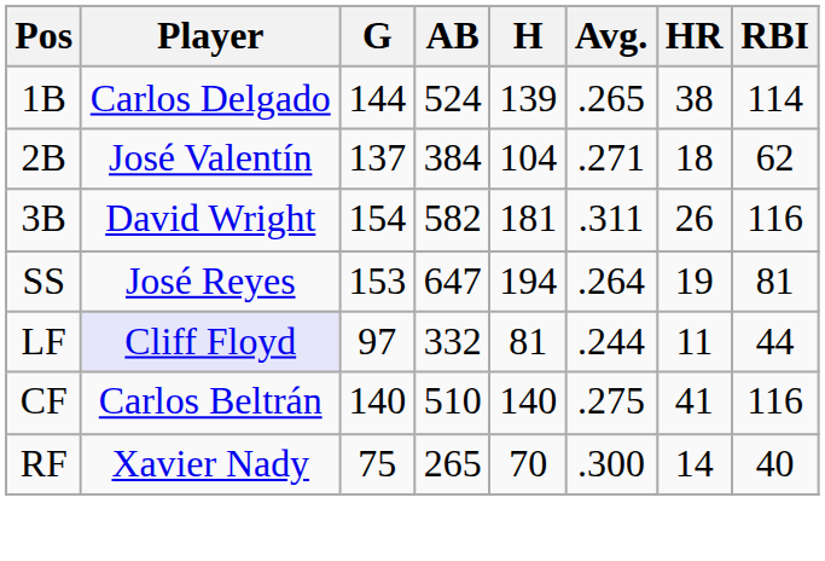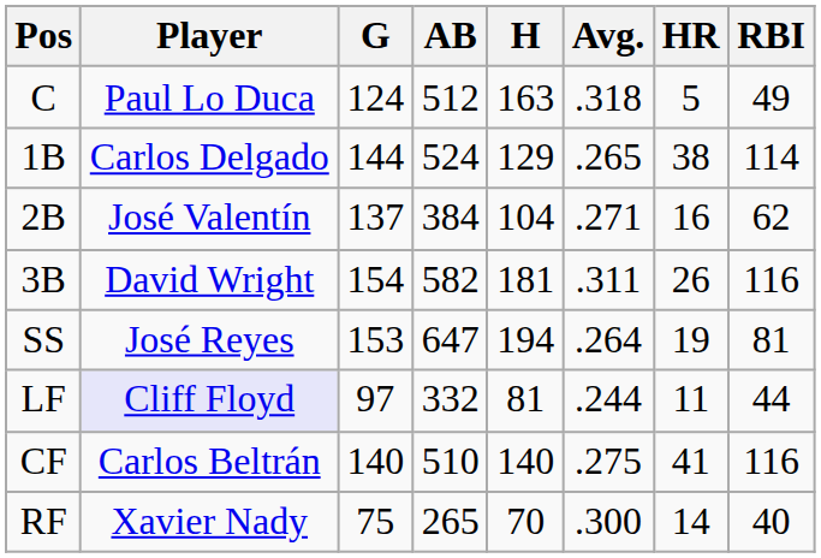 <table class="wikitable sortable">
 <tr>
 <th>Pos</th>
 <th>Player</th>
 <th>G</th>
 <th>AB</th>
 <th>H</th>
 <th>Avg.</th>
 <th>HR</th>
 <th>RBI</th>
 </tr>
 <tr align="center">
+<td>C</td>
+<td><a href='#'>Paul Lo Duca</a></td>
+<td>124</td>
+<td>512</td>
+<td>163</td>
+<td>.318</td>
+<td>5</td>
+<td>49</td>
+</tr>
+<tr align="center">
 <td>1B</td>
 <td><a href='#'>Carlos Delgado</a></td>
 <td>144</td>
 <td>524</td>
-<td>139</td>
+<td>129</td>
 <td>.265</td>
 <td>38</td>
 <td>114</td>
 </tr>
 <tr align="center">
 <td>2B</td>
 <td><a href='#'>José Valentín</a></td>
 <td>137</td>
 <td>384</td>
 <td>104</td>
 <td>.271</td>
-<td>18</td>
+<td>16</td>
 <td>62</td>
 </tr>
 <tr align="center">
 <td>3B</td>
 <td><a href='#'>David Wright</a></td>
 <td>154</td>
 <td>582</td>
 <td>181</td>
 <td>.311</td>
 <td>26</td>
 <td>116</td>
 </tr>
 <tr align="center">
 <td>SS</td>
 <td><a href='#'>José Reyes</a></td>
 <td>153</td>
 <td>647</td>
 <td>194</td>
 <td>.264</td>
 <td>19</td>
 <td>81</td>
 </tr>
 <tr align="center">
 <td>LF</td>
 <td style="background: lavender;"><a href='#'>Cliff Floyd</a></td>
 <td>97</td>
 <td>332</td>
 <td>81</td>
 <td>.244</td>
 <td>11</td>
 <td>44</td>
 </tr>
 <tr align="center">
 <td>CF</td>
 <td><a href='#'>Carlos Beltrán</a></td>
 <td>140</td>
 <td>510</td>
 <td>140</td>
 <td>.275</td>
 <td>41</td>
 <td>116</td>
 </tr>
 <tr align="center">
 <td>RF</td>
 <td><a href='#'>Xavier Nady</a></td>
 <td>75</td>
 <td>265</td>
 <td>70</td>
 <td>.300</td>
 <td>14</td>
 <td>40</td>
 </tr>
 </table>
